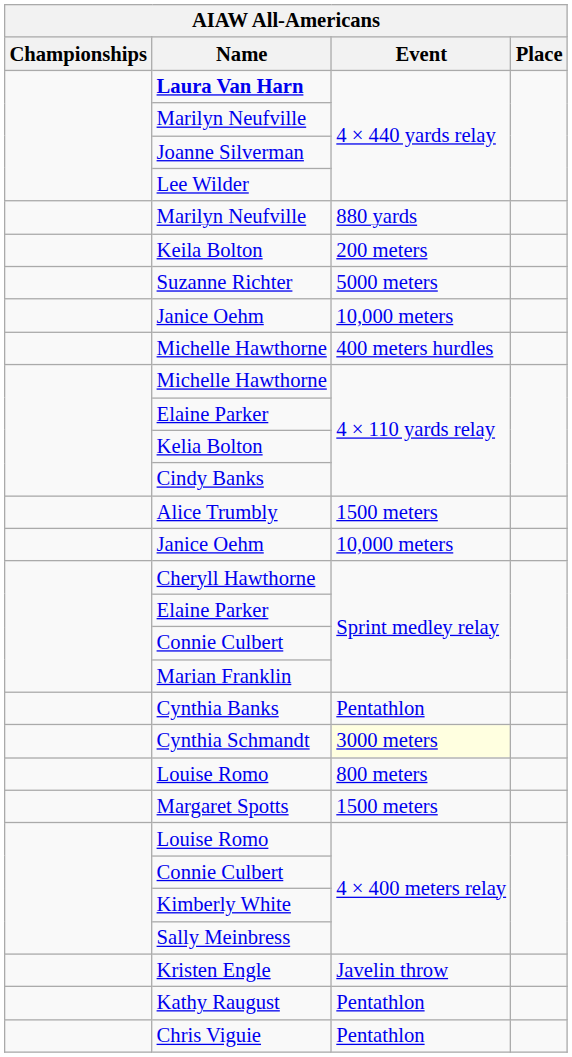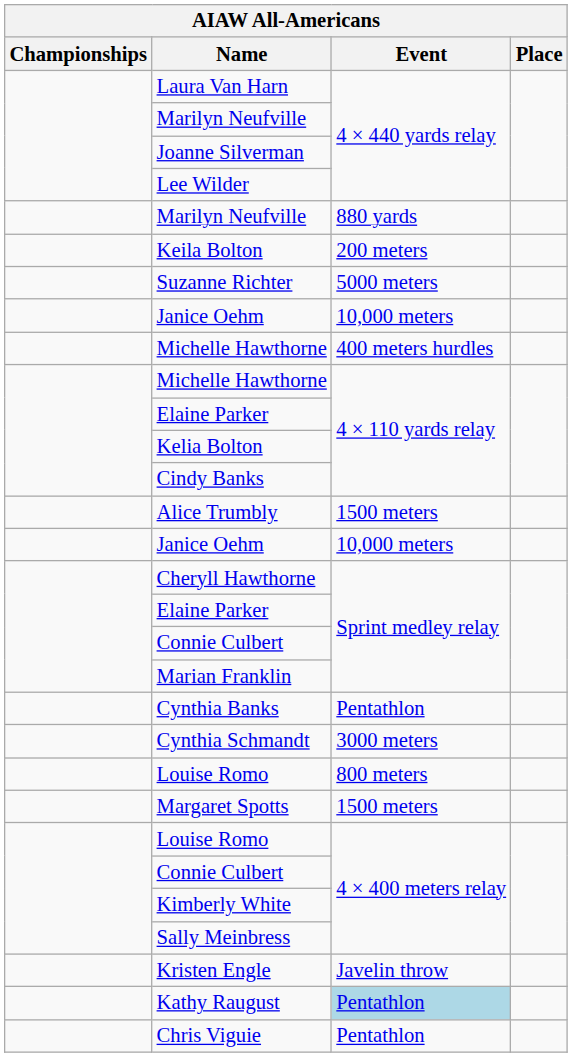 <table class="wikitable sortable">
 <tr>
 <th colspan="5">AIAW All-Americans</th>
 </tr>
 <tr>
 <th scope="col">Championships</th>
 <th scope="col">Name</th>
 <th scope="col">Event</th>
 <th scope="col">Place</th>
 </tr>
 <tr>
 <td rowspan=4></td>
-<td><strong><a href='#'>Laura Van Harn</a></strong></td>
+<td><a href='#'>Laura Van Harn</a></td>
 <td rowspan=4><a href='#'>4 × 440 yards relay</a></td>
 <td rowspan=4></td>
 </tr>
 <tr>
 <td><a href='#'>Marilyn Neufville</a></td>
 </tr>
 <tr>
 <td><a href='#'>Joanne Silverman</a></td>
 </tr>
 <tr>
 <td><a href='#'>Lee Wilder</a></td>
 </tr>
 <tr>
 <td></td>
 <td><a href='#'>Marilyn Neufville</a></td>
 <td><a href='#'>880 yards</a></td>
 <td></td>
 </tr>
 <tr>
 <td></td>
 <td><a href='#'>Keila Bolton</a></td>
 <td><a href='#'>200 meters</a></td>
 <td></td>
 </tr>
 <tr>
 <td></td>
 <td><a href='#'>Suzanne Richter</a></td>
 <td><a href='#'>5000 meters</a></td>
 <td></td>
 </tr>
 <tr>
 <td></td>
 <td><a href='#'>Janice Oehm</a></td>
 <td><a href='#'>10,000 meters</a></td>
 <td></td>
 </tr>
 <tr>
 <td></td>
 <td><a href='#'>Michelle Hawthorne</a></td>
 <td><a href='#'>400 meters hurdles</a></td>
 <td></td>
 </tr>
 <tr>
 <td rowspan=4></td>
 <td><a href='#'>Michelle Hawthorne</a></td>
 <td rowspan=4><a href='#'>4 × 110 yards relay</a></td>
 <td rowspan=4></td>
 </tr>
 <tr>
 <td><a href='#'>Elaine Parker</a></td>
 </tr>
 <tr>
 <td><a href='#'>Kelia Bolton</a></td>
 </tr>
 <tr>
 <td><a href='#'>Cindy Banks</a></td>
 </tr>
 <tr>
 <td></td>
 <td><a href='#'>Alice Trumbly</a></td>
 <td><a href='#'>1500 meters</a></td>
 <td></td>
 </tr>
 <tr>
 <td></td>
 <td><a href='#'>Janice Oehm</a></td>
 <td><a href='#'>10,000 meters</a></td>
 <td></td>
 </tr>
 <tr>
 <td rowspan=4></td>
 <td><a href='#'>Cheryll Hawthorne</a></td>
 <td rowspan=4><a href='#'>Sprint medley relay</a></td>
 <td rowspan=4></td>
 </tr>
 <tr>
 <td><a href='#'>Elaine Parker</a></td>
 </tr>
 <tr>
 <td><a href='#'>Connie Culbert</a></td>
 </tr>
 <tr>
 <td><a href='#'>Marian Franklin</a></td>
 </tr>
 <tr>
 <td></td>
 <td><a href='#'>Cynthia Banks</a></td>
 <td><a href='#'>Pentathlon</a></td>
 <td></td>
 </tr>
 <tr>
 <td></td>
 <td><a href='#'>Cynthia Schmandt</a></td>
-<td style="background: lightyellow;"><a href='#'>3000 meters</a></td>
+<td><a href='#'>3000 meters</a></td>
 <td></td>
 </tr>
 <tr>
 <td></td>
 <td><a href='#'>Louise Romo</a></td>
 <td><a href='#'>800 meters</a></td>
 <td></td>
 </tr>
 <tr>
 <td></td>
 <td><a href='#'>Margaret Spotts</a></td>
 <td><a href='#'>1500 meters</a></td>
 <td></td>
 </tr>
 <tr>
 <td rowspan=4></td>
 <td><a href='#'>Louise Romo</a></td>
 <td rowspan=4><a href='#'>4 × 400 meters relay</a></td>
 <td rowspan=4></td>
 </tr>
 <tr>
 <td><a href='#'>Connie Culbert</a></td>
 </tr>
 <tr>
 <td><a href='#'>Kimberly White</a></td>
 </tr>
 <tr>
 <td><a href='#'>Sally Meinbress</a></td>
 </tr>
 <tr>
 <td></td>
 <td><a href='#'>Kristen Engle</a></td>
 <td><a href='#'>Javelin throw</a></td>
 <td></td>
 </tr>
 <tr>
 <td></td>
 <td><a href='#'>Kathy Raugust</a></td>
-<td><a href='#'>Pentathlon</a></td>
+<td style="background: lightblue;"><a href='#'>Pentathlon</a></td>
 <td></td>
 </tr>
 <tr>
 <td></td>
 <td><a href='#'>Chris Viguie</a></td>
 <td><a href='#'>Pentathlon</a></td>
 <td></td>
 </tr>
 </table>
